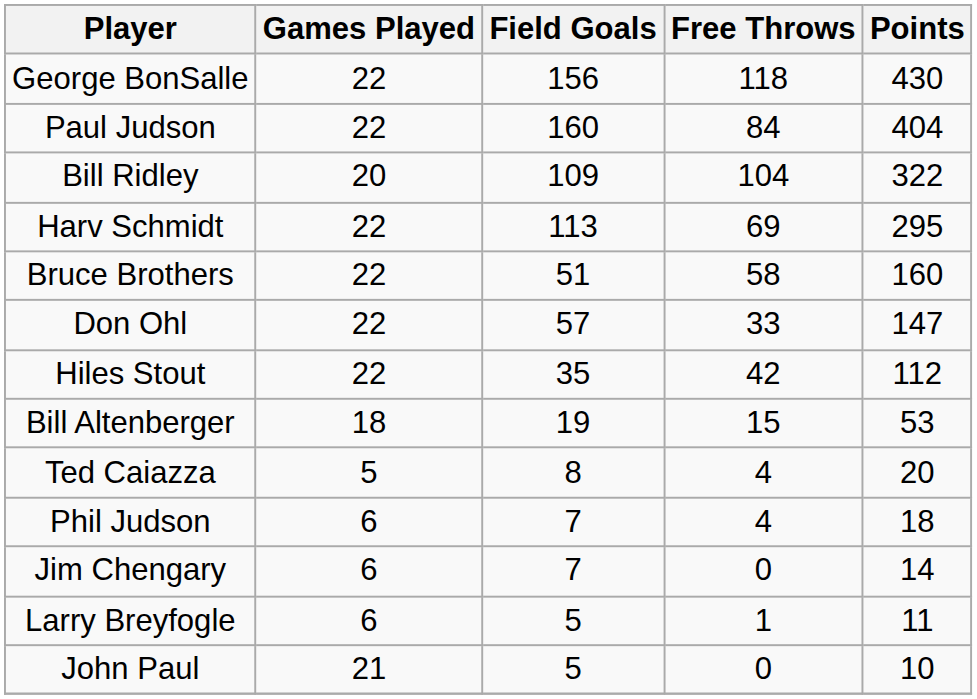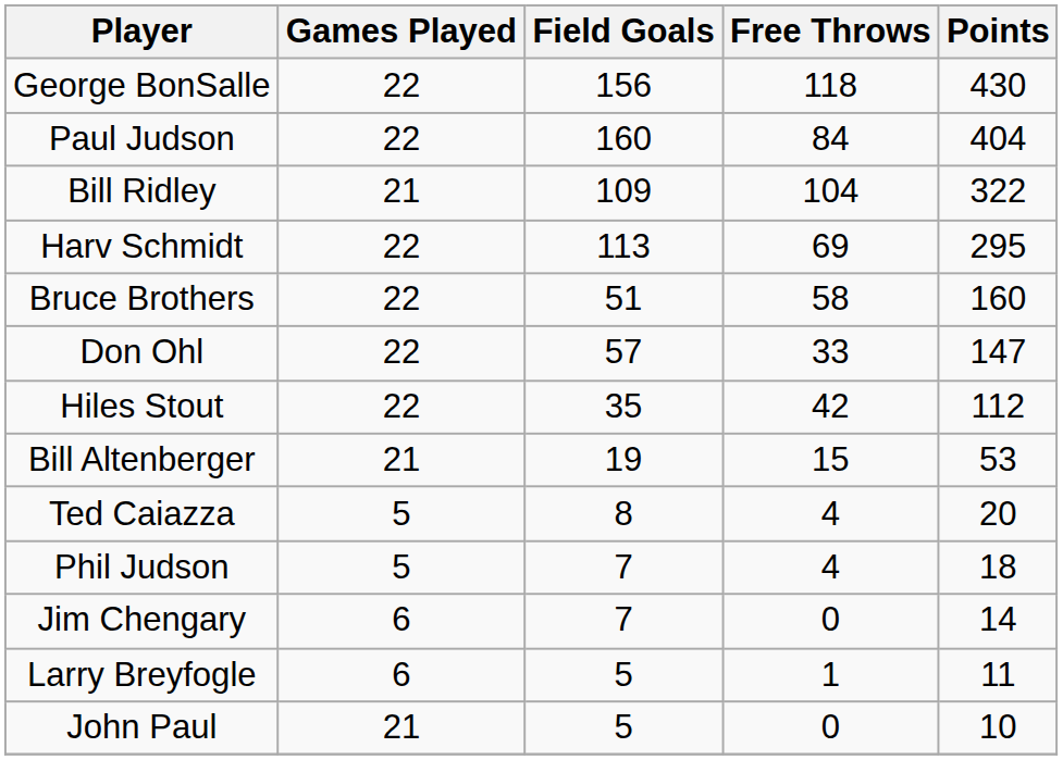 <table class="wikitable sortable">
 <tr>
 <th>Player</th>
 <th>Games Played</th>
 <th>Field Goals</th>
 <th>Free Throws</th>
 <th>Points</th>
 </tr>
 <tr align="center" bgcolor="">
 <td>George BonSalle</td>
 <td>22</td>
 <td>156</td>
 <td>118</td>
 <td>430</td>
 </tr>
 <tr align="center" bgcolor="">
 <td>Paul Judson</td>
 <td>22</td>
 <td>160</td>
 <td>84</td>
 <td>404</td>
 </tr>
 <tr align="center" bgcolor="">
 <td>Bill Ridley</td>
-<td>20</td>
+<td>21</td>
 <td>109</td>
 <td>104</td>
 <td>322</td>
 </tr>
 <tr align="center" bgcolor="">
 <td>Harv Schmidt</td>
 <td>22</td>
 <td>113</td>
 <td>69</td>
 <td>295</td>
 </tr>
 <tr align="center" bgcolor="">
 <td>Bruce Brothers</td>
 <td>22</td>
 <td>51</td>
 <td>58</td>
 <td>160</td>
 </tr>
 <tr align="center" bgcolor="">
 <td>Don Ohl</td>
 <td>22</td>
 <td>57</td>
 <td>33</td>
 <td>147</td>
 </tr>
 <tr align="center" bgcolor="">
 <td>Hiles Stout</td>
 <td>22</td>
 <td>35</td>
 <td>42</td>
 <td>112</td>
 </tr>
 <tr align="center" bgcolor="">
 <td>Bill Altenberger</td>
-<td>18</td>
+<td>21</td>
 <td>19</td>
 <td>15</td>
 <td>53</td>
 </tr>
 <tr align="center" bgcolor="">
 <td>Ted Caiazza</td>
 <td>5</td>
 <td>8</td>
 <td>4</td>
 <td>20</td>
 </tr>
 <tr align="center" bgcolor="">
 <td>Phil Judson</td>
-<td>6</td>
+<td>5</td>
 <td>7</td>
 <td>4</td>
 <td>18</td>
 </tr>
 <tr align="center" bgcolor="">
 <td>Jim Chengary</td>
 <td>6</td>
 <td>7</td>
 <td>0</td>
 <td>14</td>
 </tr>
 <tr align="center" bgcolor="">
 <td>Larry Breyfogle</td>
 <td>6</td>
 <td>5</td>
 <td>1</td>
 <td>11</td>
 </tr>
 <tr align="center" bgcolor="">
 <td>John Paul</td>
 <td>21</td>
 <td>5</td>
 <td>0</td>
 <td>10</td>
 </tr>
 <tr align="center" bgcolor="">
 </tr>
 </table>
